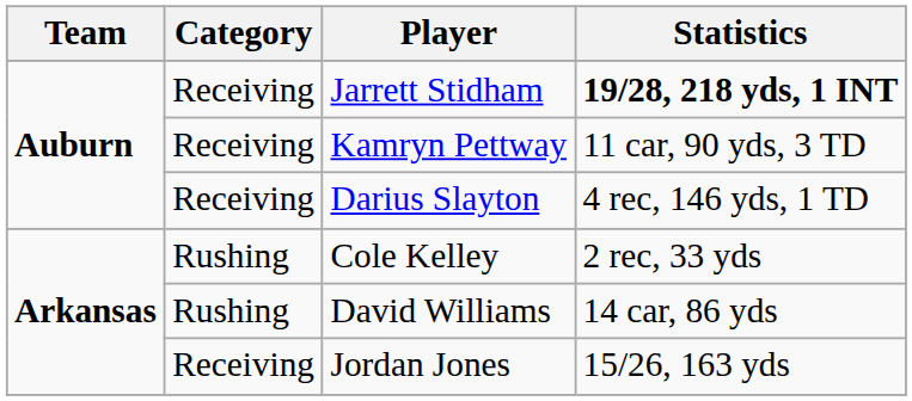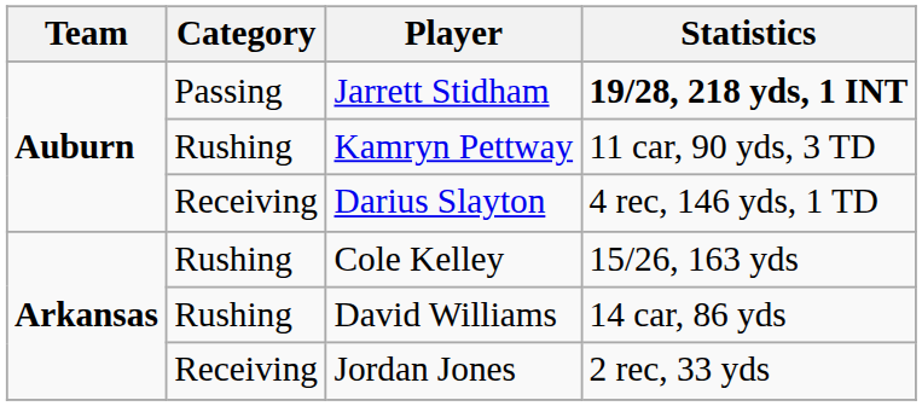 <table class="wikitable" style="float: right;">
 <tr>
 <th>Team</th>
 <th>Category</th>
 <th>Player</th>
 <th>Statistics</th>
 </tr>
 <tr>
 <td rowspan=3><strong>Auburn</strong></td>
-<td>Receiving</td>
+<td>Passing</td>
 <td><a href='#'>Jarrett Stidham</a></td>
 <td><strong>19/28, 218 yds, 1 INT</strong></td>
 </tr>
 <tr>
-<td>Receiving</td>
+<td>Rushing</td>
 <td><a href='#'>Kamryn Pettway</a></td>
 <td>11 car, 90 yds, 3 TD</td>
 </tr>
 <tr>
 <td>Receiving</td>
 <td><a href='#'>Darius Slayton</a></td>
 <td>4 rec, 146 yds, 1 TD</td>
 </tr>
 <tr>
 <td rowspan=3><strong>Arkansas</strong></td>
 <td>Rushing</td>
 <td>Cole Kelley</td>
-<td>2 rec, 33 yds</td>
+<td>15/26, 163 yds</td>
 </tr>
 <tr>
 <td>Rushing</td>
 <td>David Williams</td>
 <td>14 car, 86 yds</td>
 </tr>
 <tr>
 <td>Receiving</td>
 <td>Jordan Jones</td>
-<td>15/26, 163 yds</td>
+<td>2 rec, 33 yds</td>
 </tr>
 </table>
